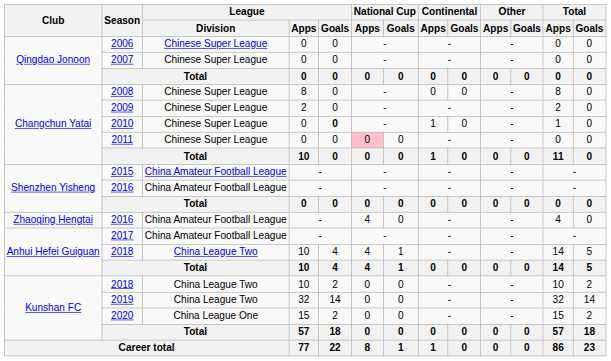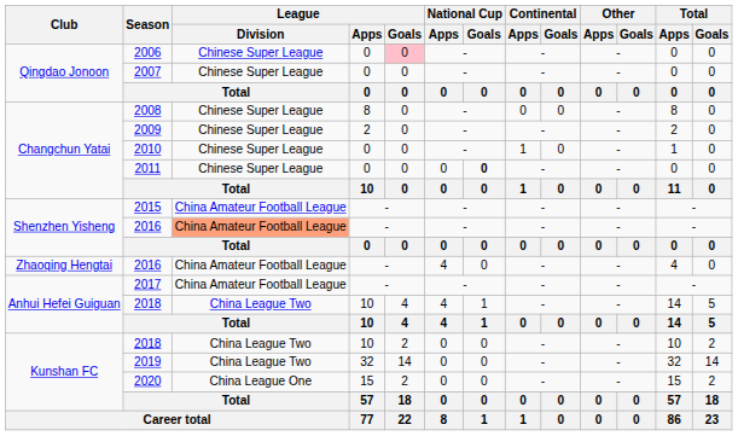 <table class="wikitable" style="text-align: center">
 <tr>
 <th rowspan="2">Club</th>
 <th rowspan="2">Season</th>
 <th colspan="3">League</th>
 <th colspan="2">National Cup</th>
 <th colspan="2">Continental</th>
 <th colspan="2">Other</th>
 <th colspan="2">Total</th>
 </tr>
 <tr>
 <th>Division</th>
 <th>Apps</th>
 <th>Goals</th>
 <th>Apps</th>
 <th>Goals</th>
 <th>Apps</th>
 <th>Goals</th>
 <th>Apps</th>
 <th>Goals</th>
 <th>Apps</th>
 <th>Goals</th>
 </tr>
 <tr>
 <td rowspan=3><a href='#'>Qingdao Jonoon</a></td>
 <td><a href='#'>2006</a></td>
 <td><a href='#'>Chinese Super League</a></td>
 <td>0</td>
-<td>0</td>
+<td style="background: pink;">0</td>
 <td colspan="2">-</td>
 <td colspan="2">-</td>
 <td colspan="2">-</td>
 <td>0</td>
 <td>0</td>
 </tr>
 <tr>
 <td><a href='#'>2007</a></td>
 <td>Chinese Super League</td>
 <td>0</td>
 <td>0</td>
 <td colspan="2">-</td>
 <td colspan="2">-</td>
 <td colspan="2">-</td>
 <td>0</td>
 <td>0</td>
 </tr>
 <tr>
 <th colspan="2"><strong>Total</strong></th>
 <th>0</th>
 <th>0</th>
 <th>0</th>
 <th>0</th>
 <th>0</th>
 <th>0</th>
 <th>0</th>
 <th>0</th>
 <th>0</th>
 <th>0</th>
 </tr>
 <tr>
 <td rowspan=5><a href='#'>Changchun Yatai</a></td>
 <td><a href='#'>2008</a></td>
 <td>Chinese Super League</td>
 <td>8</td>
 <td>0</td>
 <td colspan="2">-</td>
 <td>0</td>
 <td>0</td>
 <td colspan="2">-</td>
 <td>8</td>
 <td>0</td>
 </tr>
 <tr>
 <td><a href='#'>2009</a></td>
 <td>Chinese Super League</td>
 <td>2</td>
 <td>0</td>
 <td colspan="2">-</td>
 <td colspan="2">-</td>
 <td colspan="2">-</td>
 <td>2</td>
 <td>0</td>
 </tr>
 <tr>
 <td><a href='#'>2010</a></td>
 <td>Chinese Super League</td>
 <td>0</td>
-<td><strong>0</strong></td>
+<td>0</td>
 <td colspan="2">-</td>
 <td>1</td>
 <td>0</td>
 <td colspan="2">-</td>
 <td>1</td>
 <td>0</td>
 </tr>
 <tr>
 <td><a href='#'>2011</a></td>
 <td>Chinese Super League</td>
 <td>0</td>
 <td>0</td>
-<td style="background: pink;">0</td>
 <td>0</td>
+<td><strong>0</strong></td>
 <td colspan="2">-</td>
 <td colspan="2">-</td>
 <td>0</td>
 <td>0</td>
 </tr>
 <tr>
 <th colspan="2"><strong>Total</strong></th>
 <th>10</th>
 <th>0</th>
 <th>0</th>
 <th>0</th>
 <th>1</th>
 <th>0</th>
 <th>0</th>
 <th>0</th>
 <th>11</th>
 <th>0</th>
 </tr>
 <tr>
 <td rowspan=3><a href='#'>Shenzhen Yisheng</a></td>
 <td><a href='#'>2015</a></td>
 <td><a href='#'>China Amateur Football League</a></td>
 <td colspan="2">-</td>
 <td colspan="2">-</td>
 <td colspan="2">-</td>
 <td colspan="2">-</td>
 <td colspan="2">-</td>
 </tr>
 <tr>
 <td><a href='#'>2016</a></td>
-<td>China Amateur Football League</td>
+<td style="background: lightsalmon;">China Amateur Football League</td>
 <td colspan="2">-</td>
 <td colspan="2">-</td>
 <td colspan="2">-</td>
 <td colspan="2">-</td>
 <td colspan="2">-</td>
 </tr>
 <tr>
 <th colspan="2"><strong>Total</strong></th>
 <th>0</th>
 <th>0</th>
 <th>0</th>
 <th>0</th>
 <th>0</th>
 <th>0</th>
 <th>0</th>
 <th>0</th>
 <th>0</th>
 <th>0</th>
 </tr>
 <tr>
 <td><a href='#'>Zhaoqing Hengtai</a></td>
 <td><a href='#'>2016</a></td>
 <td>China Amateur Football League</td>
 <td colspan="2">-</td>
 <td>4</td>
 <td>0</td>
 <td colspan="2">-</td>
 <td colspan="2">-</td>
 <td>4</td>
 <td>0</td>
 </tr>
 <tr>
 <td rowspan=3><a href='#'>Anhui Hefei Guiguan</a></td>
 <td><a href='#'>2017</a></td>
 <td>China Amateur Football League</td>
 <td colspan="2">-</td>
 <td colspan="2">-</td>
 <td colspan="2">-</td>
 <td colspan="2">-</td>
 <td colspan="2">-</td>
 </tr>
 <tr>
 <td><a href='#'>2018</a></td>
 <td><a href='#'>China League Two</a></td>
 <td>10</td>
 <td>4</td>
 <td>4</td>
 <td>1</td>
 <td colspan="2">-</td>
 <td colspan="2">-</td>
 <td>14</td>
 <td>5</td>
 </tr>
 <tr>
 <th colspan="2"><strong>Total</strong></th>
 <th>10</th>
 <th>4</th>
 <th>4</th>
 <th>1</th>
 <th>0</th>
 <th>0</th>
 <th>0</th>
 <th>0</th>
 <th>14</th>
 <th>5</th>
 </tr>
 <tr>
 <td rowspan=4><a href='#'>Kunshan FC</a></td>
 <td><a href='#'>2018</a></td>
 <td>China League Two</td>
 <td>10</td>
 <td>2</td>
 <td>0</td>
 <td>0</td>
 <td colspan="2">-</td>
 <td colspan="2">-</td>
 <td>10</td>
 <td>2</td>
 </tr>
 <tr>
 <td><a href='#'>2019</a></td>
 <td>China League Two</td>
 <td>32</td>
 <td>14</td>
 <td>0</td>
 <td>0</td>
 <td colspan="2">-</td>
 <td colspan="2">-</td>
 <td>32</td>
 <td>14</td>
 </tr>
 <tr>
 <td><a href='#'>2020</a></td>
 <td>China League One</td>
 <td>15</td>
 <td>2</td>
 <td>0</td>
 <td>0</td>
 <td colspan="2">-</td>
 <td colspan="2">-</td>
 <td>15</td>
 <td>2</td>
 </tr>
 <tr>
 <th colspan="2"><strong>Total</strong></th>
 <th>57</th>
 <th>18</th>
 <th>0</th>
 <th>0</th>
 <th>0</th>
 <th>0</th>
 <th>0</th>
 <th>0</th>
 <th>57</th>
 <th>18</th>
 </tr>
 <tr>
 <th colspan=3>Career total</th>
 <th>77</th>
 <th>22</th>
 <th>8</th>
 <th>1</th>
 <th>1</th>
 <th>0</th>
 <th>0</th>
 <th>0</th>
 <th>86</th>
 <th>23</th>
 </tr>
 </table>
